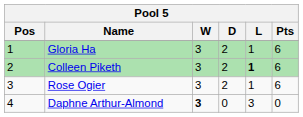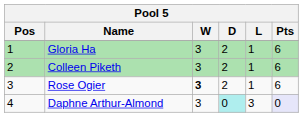 <table class="wikitable">
 <tr>
 <th colspan="6">Pool 5</th>
 </tr>
 <tr>
 <th width=50>Pos</th>
 <th width=200>Name</th>
 <th width=30>W</th>
 <th width=30>D</th>
 <th width=30>L</th>
 <th width=30>Pts</th>
 </tr>
 <tr>
 </tr>
 <tr style="background:#ACE1AF;">
 <td>1</td>
 <td> <a href='#'>Gloria Ha</a></td>
 <td>3</td>
 <td>2</td>
 <td>1</td>
 <td>6</td>
 </tr>
 <tr style="background:#ACE1AF;">
 <td>2</td>
 <td> <a href='#'>Colleen Piketh</a></td>
 <td>3</td>
 <td>2</td>
-<td><strong>1</strong></td>
+<td>1</td>
 <td>6</td>
 </tr>
 <tr>
 <td>3</td>
 <td> <a href='#'>Rose Ogier</a></td>
-<td>3</td>
+<td><strong>3</strong></td>
 <td>2</td>
 <td>1</td>
 <td>6</td>
 </tr>
 <tr>
 <td>4</td>
 <td> <a href='#'>Daphne Arthur-Almond</a></td>
-<td><strong>3</strong></td>
-<td>0</td>
 <td>3</td>
-<td>0</td>
+<td style="background: paleturquoise;">0</td>
+<td>3</td>
+<td style="background: lavender;">0</td>
 </tr>
 </table>
